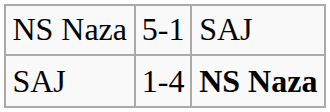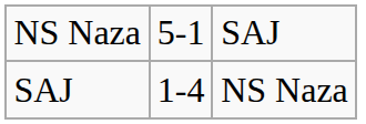 <table class="wikitable">
 <tr>
 <td>NS Naza</td>
 <td>5-1</td>
 <td>SAJ</td>
 </tr>
 <tr>
 <td>SAJ</td>
 <td>1-4</td>
-<td><strong>NS Naza</strong></td>
+<td>NS Naza</td>
 </tr>
 </table>
